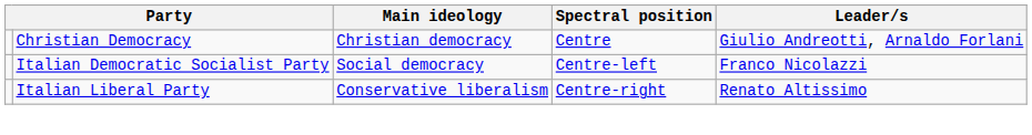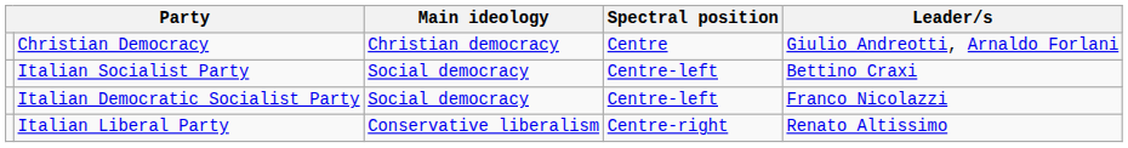 <table class="wikitable" style="font-size:95%">
 <tr>
 <th colspan=2>Party</th>
 <th>Main ideology</th>
 <th>Spectral position</th>
 <th>Leader/s</th>
 </tr>
 <tr>
 <td></td>
 <td><a href='#'>Christian Democracy</a></td>
 <td><a href='#'>Christian democracy</a></td>
 <td><a href='#'>Centre</a></td>
 <td><a href='#'>Giulio Andreotti</a>, <a href='#'>Arnaldo Forlani</a></td>
 </tr>
 <tr>
 <td></td>
+<td><a href='#'>Italian Socialist Party</a></td>
+<td><a href='#'>Social democracy</a></td>
+<td><a href='#'>Centre-left</a></td>
+<td><a href='#'>Bettino Craxi</a></td>
+</tr>
+<tr>
+<td></td>
 <td><a href='#'>Italian Democratic Socialist Party</a></td>
 <td><a href='#'>Social democracy</a></td>
 <td><a href='#'>Centre-left</a></td>
 <td><a href='#'>Franco Nicolazzi</a></td>
 </tr>
 <tr>
 <td></td>
 <td><a href='#'>Italian Liberal Party</a></td>
 <td><a href='#'>Conservative liberalism</a></td>
 <td><a href='#'>Centre-right</a></td>
 <td><a href='#'>Renato Altissimo</a></td>
 </tr>
 </table>
